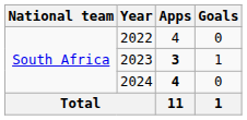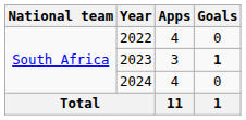 <table class=wikitable style=text-align:center>
 <tr>
 <th>National team</th>
 <th>Year</th>
 <th>Apps</th>
 <th>Goals</th>
 </tr>
 <tr>
 <td rowspan="3"><a href='#'>South Africa</a></td>
 <td>2022</td>
 <td>4</td>
 <td>0</td>
 </tr>
 <tr>
 <td>2023</td>
-<td><strong>3</strong></td>
-<td>1</td>
+<td>3</td>
+<td><strong>1</strong></td>
 </tr>
 <tr>
 <td>2024</td>
-<td><strong>4</strong></td>
+<td>4</td>
 <td>0</td>
 </tr>
 <tr>
 <th colspan=2>Total</th>
 <th>11</th>
 <th>1</th>
 </tr>
 </table>
